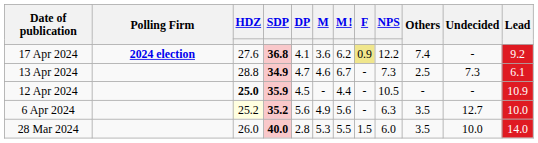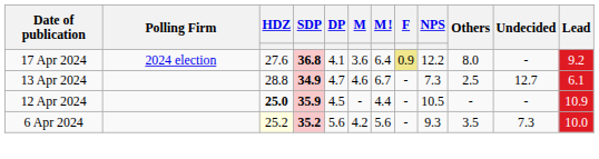 <table class="wikitable sortable" style="text-align:center; font-size:90%; line-height:16px;">
 <tr style="height:42px;">
 <th style="width:100px;" rowspan="2">Date of publication</th>
 <th style="width:165px;" rowspan="2">Polling Firm</th>
 <th><a href='#'>HDZ</a></th>
 <th><a href='#'>SDP</a></th>
 <th><a href='#'>DP</a></th>
 <th><a href='#'>M</a></th>
 <th style="letter-spacing:-1px;"><a href='#'>M !</a></th>
 <th><a href='#'>F</a></th>
 <th><a href='#'>NPS</a></th>
 <th class="unsortable" style="width:40px;" rowspan="2">Others</th>
 <th class="unsortable" style="width:40px;" rowspan="2">Undecided</th>
 <th class="unsortable" style="width:20px;" rowspan="2">Lead</th>
 </tr>
 <tr>
 <th style="color:inherit;background:"></th>
 <th data-sort-type="number" style="color:inherit;background:"></th>
 <th style="color:inherit;background:"></th>
 <th style="color:inherit;background:"></th>
 <th style="color:inherit;background:"></th>
 <th style="color:inherit;background:"></th>
 <th style="color:inherit;background:"></th>
 </tr>
 <tr>
 <td>17 Apr 2024</td>
-<td><strong><a href='#'>2024 election</a></strong></td>
+<td><a href='#'>2024 election</a></td>
 <td>27.6</td>
 <td style="background:#F9C8CA"><strong>36.8</strong></td>
 <td>4.1</td>
 <td>3.6</td>
-<td>6.2</td>
+<td>6.4</td>
 <td style="background: khaki;">0.9</td>
 <td>12.2</td>
-<td>7.4</td>
+<td>8.0</td>
 <td>-</td>
 <td style="background:#DF1A22; color: white">9.2</td>
 </tr>
 <tr>
 <td>13 Apr 2024</td>
 <td></td>
 <td>28.8</td>
 <td style="background:#F9C8CA"><strong>34.9</strong></td>
 <td>4.7</td>
 <td>4.6</td>
 <td>6.7</td>
 <td>-</td>
 <td>7.3</td>
 <td>2.5</td>
-<td>7.3</td>
+<td>12.7</td>
 <td style="background:#DF1A22; color: white">6.1</td>
 </tr>
 <tr>
 <td>12 Apr 2024</td>
 <td></td>
 <td><strong>25.0</strong></td>
 <td style="background:#F9C8CA"><strong>35.9</strong></td>
 <td>4.5</td>
 <td>-</td>
 <td>4.4</td>
 <td>-</td>
 <td>10.5</td>
 <td>-</td>
 <td>-</td>
 <td style="background:#DF1A22; color: white">10.9</td>
 </tr>
 <tr>
 <td>6 Apr 2024</td>
 <td></td>
 <td style="background: lightyellow;">25.2</td>
 <td style="background:#F9C8CA"><strong>35.2</strong></td>
 <td>5.6</td>
-<td>4.9</td>
+<td>4.2</td>
 <td>5.6</td>
 <td>-</td>
-<td>6.3</td>
+<td>9.3</td>
 <td>3.5</td>
-<td>12.7</td>
+<td>7.3</td>
 <td style="background:#DF1A22; color: white">10.0</td>
 </tr>
-<tr>
-<td>28 Mar 2024</td>
-<td></td>
-<td>26.0</td>
-<td style="background:#F9C8CA"><strong>40.0</strong></td>
-<td>2.8</td>
-<td>5.3</td>
-<td>5.5</td>
-<td>1.5</td>
-<td>6.0</td>
-<td>3.5</td>
-<td>10.0</td>
-<td style="background:#DF1A22; color: white">14.0</td>
-</tr>
 </table>
